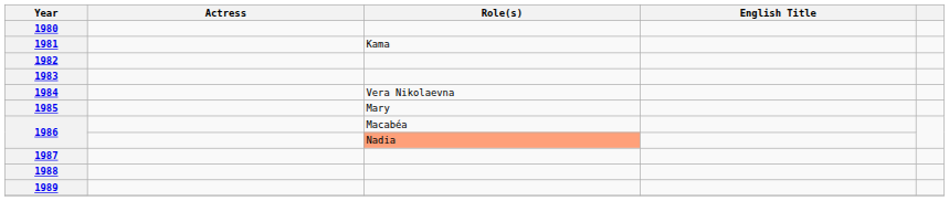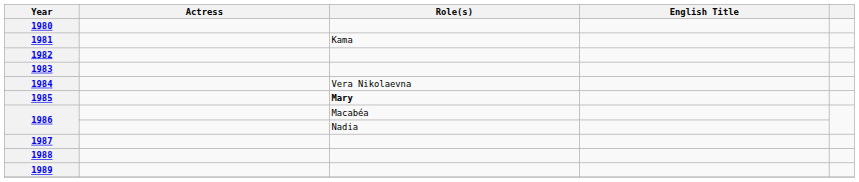 <table class="wikitable unsortable">
 <tr>
 <th scope="col" style="width:3%;">Year</th>
 <th scope="col" style="width:10%;">Actress</th>
 <th scope="col" style="width:10%;">Role(s)</th>
 <th scope="col" style="width:10%;">English Title</th>
 <th scope="col" style="width:1%;" class="unsortable"></th>
 </tr>
 <tr>
 <th scope="row" style="text-align:center"><a href='#'>1980</a></th>
 <td></td>
 <td></td>
 <td colspan="1"></td>
 <td style="text-align:center;"></td>
 </tr>
 <tr>
 <th scope="row", style="text-align:center;"><a href='#'>1981</a></th>
 <td></td>
 <td>Kama</td>
 <td></td>
 <td style="text-align:center;"></td>
 </tr>
 <tr>
 <th scope="row", style="text-align:center;"><a href='#'>1982</a></th>
 <td></td>
 <td></td>
 <td colspan="1"></td>
 <td style="text-align:center;"></td>
 </tr>
 <tr>
 <th scope="row", style="text-align:center;"><a href='#'>1983</a></th>
 <td></td>
 <td></td>
 <td></td>
 <td style="text-align:center;"></td>
 </tr>
 <tr>
 <th scope="row", style="text-align:center;"><a href='#'>1984</a></th>
 <td></td>
 <td>Vera Nikolaevna</td>
 <td></td>
 <td style="text-align:center;"></td>
 </tr>
 <tr>
 <th scope="row", style="text-align:center;"><a href='#'>1985</a></th>
 <td></td>
-<td>Mary</td>
+<td><strong>Mary</strong></td>
 <td colspan="1"></td>
 <td style="text-align:center;"></td>
 </tr>
 <tr>
 <th scope="row", rowspan="2" style="text-align:center;"><a href='#'>1986</a></th>
 <td></td>
 <td>Macabéa</td>
 <td></td>
 <td rowspan="2" style="text-align:center;"></td>
 </tr>
 <tr>
 <td></td>
-<td style="background: lightsalmon;">Nadia</td>
+<td>Nadia</td>
 <td></td>
 </tr>
 <tr>
 <th scope="row", style="text-align:center;"><a href='#'>1987</a></th>
 <td></td>
 <td></td>
 <td colspan="1"></td>
 <td style="text-align:center;"></td>
 </tr>
 <tr>
 <th scope="row", style="text-align:center;"><a href='#'>1988</a></th>
 <td></td>
 <td></td>
 <td colspan="1"></td>
 <td style="text-align:center;"></td>
 </tr>
 <tr>
 <th scope="row", style="text-align:center;"><a href='#'>1989</a></th>
 <td></td>
 <td></td>
 <td colspan="1"></td>
 <td style="text-align:center;"></td>
 </tr>
 <tr>
 </tr>
 </table>
